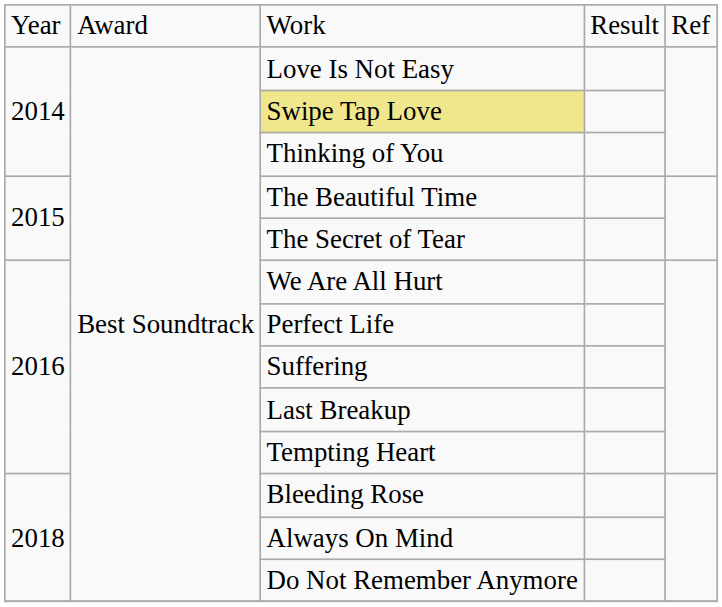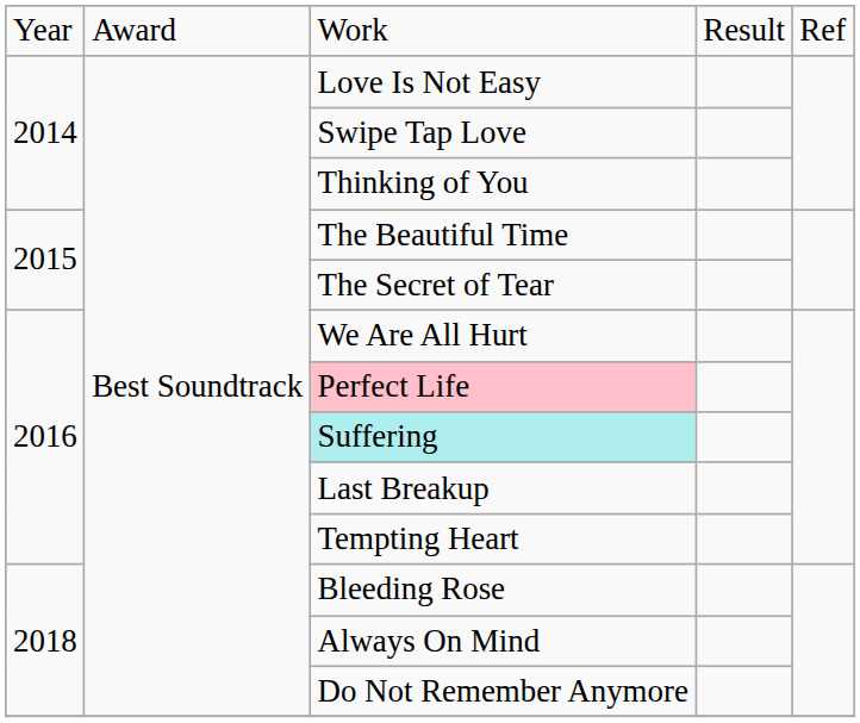 <table class="wikitable">
 <tr>
 <td>Year</td>
 <td>Award</td>
 <td>Work</td>
 <td>Result</td>
 <td>Ref</td>
 </tr>
 <tr>
 <td rowspan="3">2014</td>
 <td rowspan="13">Best Soundtrack</td>
 <td>Love Is Not Easy</td>
 <td></td>
 <td rowspan="3"></td>
 </tr>
 <tr>
-<td style="background: khaki;">Swipe Tap Love</td>
+<td>Swipe Tap Love</td>
 <td></td>
 </tr>
 <tr>
 <td>Thinking of You</td>
 <td></td>
 </tr>
 <tr>
 <td rowspan="2">2015</td>
 <td>The Beautiful Time</td>
 <td></td>
 <td rowspan="2"></td>
 </tr>
 <tr>
 <td>The Secret of Tear</td>
 <td></td>
 </tr>
 <tr>
 <td rowspan="5">2016</td>
 <td>We Are All Hurt</td>
 <td></td>
 <td rowspan="5"></td>
 </tr>
 <tr>
-<td>Perfect Life</td>
+<td style="background: pink;">Perfect Life</td>
 <td></td>
 </tr>
 <tr>
-<td>Suffering</td>
+<td style="background: paleturquoise;">Suffering</td>
 <td></td>
 </tr>
 <tr>
 <td>Last Breakup</td>
 <td></td>
 </tr>
 <tr>
 <td>Tempting Heart</td>
 <td></td>
 </tr>
 <tr>
 <td rowspan="3">2018</td>
 <td>Bleeding Rose</td>
 <td></td>
 <td rowspan="3"></td>
 </tr>
 <tr>
 <td>Always On Mind</td>
 <td></td>
 </tr>
 <tr>
 <td>Do Not Remember Anymore</td>
 <td></td>
 </tr>
 <tr>
 </tr>
 </table>
